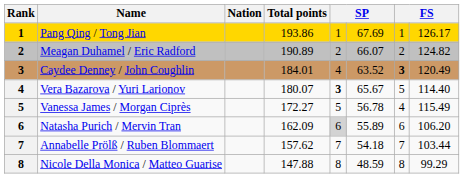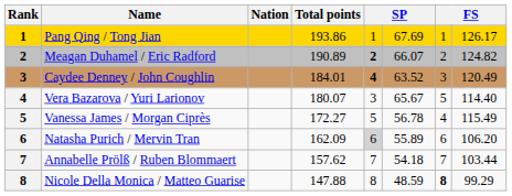 <table class="wikitable sortable">
 <tr>
 <th>Rank</th>
 <th>Name</th>
 <th>Nation</th>
 <th>Total points</th>
 <th colspan="2" width="80px"><a href='#'>SP</a></th>
 <th colspan="2" width="80px"><a href='#'>FS</a></th>
 </tr>
 <tr bgcolor="gold">
 <td align="center"><strong>1</strong></td>
 <td><a href='#'>Pang Qing</a> / <a href='#'>Tong Jian</a></td>
 <td></td>
 <td align="center">193.86</td>
 <td align="center">1</td>
 <td align="center">67.69</td>
 <td align="center">1</td>
 <td align="center">126.17</td>
 </tr>
 <tr bgcolor="silver">
 <td align="center"><strong>2</strong></td>
 <td><a href='#'>Meagan Duhamel</a> / <a href='#'>Eric Radford</a></td>
 <td></td>
 <td align="center">190.89</td>
-<td align="center">2</td>
+<td align="center"><strong>2</strong></td>
 <td align="center">66.07</td>
 <td align="center">2</td>
 <td align="center">124.82</td>
 </tr>
 <tr bgcolor="cc9966">
 <td align="center"><strong>3</strong></td>
 <td><a href='#'>Caydee Denney</a> / <a href='#'>John Coughlin</a></td>
 <td></td>
 <td align="center">184.01</td>
-<td align="center">4</td>
+<td align="center"><strong>4</strong></td>
 <td align="center">63.52</td>
-<td align="center"><strong>3</strong></td>
+<td align="center">3</td>
 <td align="center">120.49</td>
 </tr>
 <tr>
 <th>4</th>
 <td><a href='#'>Vera Bazarova</a> / <a href='#'>Yuri Larionov</a></td>
 <td></td>
 <td align="center">180.07</td>
-<td align="center"><strong>3</strong></td>
+<td align="center">3</td>
 <td align="center">65.67</td>
 <td align="center">5</td>
 <td align="center">114.40</td>
 </tr>
 <tr>
 <th>5</th>
 <td><a href='#'>Vanessa James</a> / <a href='#'>Morgan Ciprès</a></td>
 <td></td>
 <td align="center">172.27</td>
 <td align="center">5</td>
 <td align="center">56.78</td>
 <td align="center">4</td>
 <td align="center">115.49</td>
 </tr>
 <tr>
 <th>6</th>
 <td><a href='#'>Natasha Purich</a> / <a href='#'>Mervin Tran</a></td>
 <td></td>
 <td align="center">162.09</td>
 <td align="center" style="background: lightgrey;">6</td>
 <td align="center">55.89</td>
 <td align="center">6</td>
 <td align="center">106.20</td>
 </tr>
 <tr>
 <th>7</th>
 <td><a href='#'>Annabelle Prölß</a> / <a href='#'>Ruben Blommaert</a></td>
 <td></td>
 <td align="center">157.62</td>
 <td align="center">7</td>
 <td align="center">54.18</td>
 <td align="center">7</td>
 <td align="center">103.44</td>
 </tr>
 <tr>
 <th>8</th>
 <td><a href='#'>Nicole Della Monica</a> / <a href='#'>Matteo Guarise</a></td>
 <td></td>
 <td align="center">147.88</td>
 <td align="center">8</td>
 <td align="center">48.59</td>
-<td align="center">8</td>
+<td align="center"><strong>8</strong></td>
 <td align="center">99.29</td>
 </tr>
 </table>
